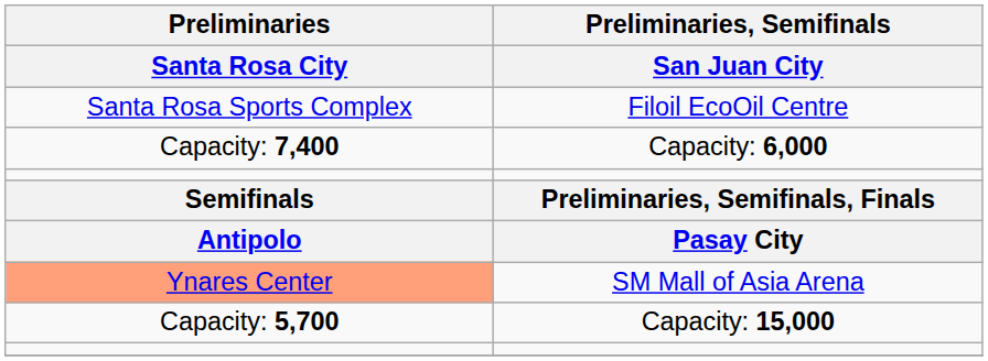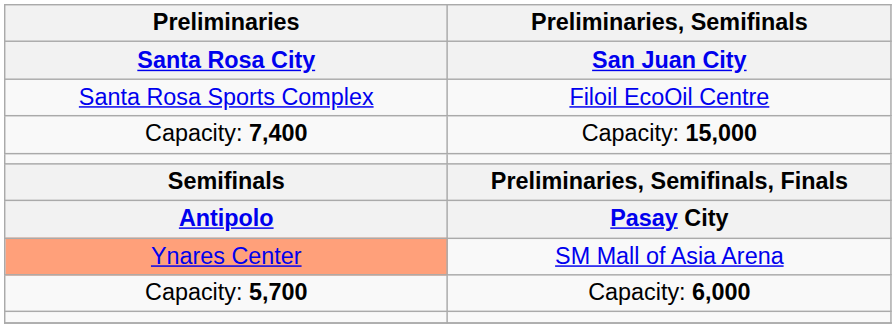 <table class="wikitable" style="text-align:center">
 <tr>
 <th width=300>Preliminaries</th>
 <th width=300>Preliminaries, Semifinals</th>
 </tr>
 <tr>
 <th><a href='#'>Santa Rosa City</a></th>
 <th><a href='#'>San Juan City</a></th>
 </tr>
 <tr>
 <td><a href='#'>Santa Rosa Sports Complex</a></td>
 <td><a href='#'>Filoil EcoOil Centre</a></td>
 </tr>
 <tr>
 <td>Capacity: <strong>7,400</strong></td>
-<td>Capacity: <strong>6,000</strong></td>
+<td>Capacity: <strong>15,000</strong></td>
 </tr>
 <tr>
 <td></td>
 <td></td>
 </tr>
 <tr>
 <th>Semifinals</th>
 <th>Preliminaries, Semifinals, Finals</th>
 </tr>
 <tr>
 <th><a href='#'>Antipolo</a></th>
 <th><a href='#'>Pasay</a> City</th>
 </tr>
 <tr>
 <td style="background: lightsalmon;"><a href='#'>Ynares Center</a></td>
 <td><a href='#'>SM Mall of Asia Arena</a></td>
 </tr>
 <tr>
 <td>Capacity: <strong>5,700</strong></td>
-<td>Capacity: <strong>15,000</strong></td>
+<td>Capacity: <strong>6,000</strong></td>
 </tr>
 <tr>
 <td></td>
 <td></td>
 </tr>
 <tr>
 </tr>
 </table>
